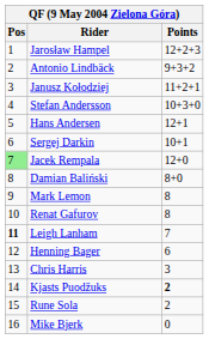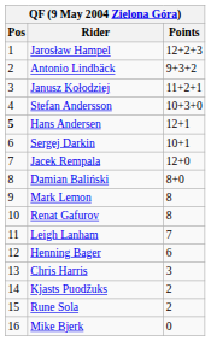 <table class="wikitable">
 <tr>
 <th colspan="6">QF (9 May 2004  <a href='#'>Zielona Góra</a>)</th>
 </tr>
 <tr>
 <th width=20>Pos</th>
 <th width=180>Rider</th>
 <th width=40>Points</th>
 </tr>
 <tr>
 <td>1</td>
 <td style="text-align:left;"> <a href='#'>Jarosław Hampel</a></td>
 <td>12+2+3</td>
 </tr>
 <tr>
 <td>2</td>
 <td style="text-align:left;"> <a href='#'>Antonio Lindbäck</a></td>
 <td>9+3+2</td>
 </tr>
 <tr>
 <td>3</td>
 <td style="text-align:left;"> <a href='#'>Janusz Kołodziej</a></td>
 <td>11+2+1</td>
 </tr>
 <tr>
 <td>4</td>
 <td style="text-align:left;"> <a href='#'>Stefan Andersson</a></td>
 <td>10+3+0</td>
 </tr>
 <tr>
-<td>5</td>
+<td><strong>5</strong></td>
 <td style="text-align:left;"> <a href='#'>Hans Andersen</a></td>
 <td>12+1</td>
 </tr>
 <tr>
 <td>6</td>
 <td style="text-align:left;"> <a href='#'>Sergej Darkin</a></td>
 <td>10+1</td>
 </tr>
 <tr>
-<td style="background: lightgreen;">7</td>
+<td>7</td>
 <td style="text-align:left;"> <a href='#'>Jacek Rempala</a></td>
 <td>12+0</td>
 </tr>
 <tr>
 <td>8</td>
 <td style="text-align:left;"> <a href='#'>Damian Baliński</a></td>
 <td>8+0</td>
 </tr>
 <tr>
 <td>9</td>
 <td style="text-align:left;"> <a href='#'>Mark Lemon</a></td>
 <td>8</td>
 </tr>
 <tr>
 <td>10</td>
 <td style="text-align:left;"> <a href='#'>Renat Gafurov</a></td>
 <td>8</td>
 </tr>
 <tr>
-<td><strong>11</strong></td>
+<td>11</td>
 <td style="text-align:left;"> <a href='#'>Leigh Lanham</a></td>
 <td>7</td>
 </tr>
 <tr>
 <td>12</td>
 <td style="text-align:left;"> <a href='#'>Henning Bager</a></td>
 <td>6</td>
 </tr>
 <tr>
 <td>13</td>
 <td style="text-align:left;"> <a href='#'>Chris Harris</a></td>
 <td>3</td>
 </tr>
 <tr>
 <td>14</td>
 <td style="text-align:left;"> <a href='#'>Kjasts Puodžuks</a></td>
-<td><strong>2</strong></td>
+<td>2</td>
 </tr>
 <tr>
 <td>15</td>
 <td style="text-align:left;"> <a href='#'>Rune Sola</a></td>
 <td>2</td>
 </tr>
 <tr>
 <td>16</td>
 <td style="text-align:left;"> <a href='#'>Mike Bjerk</a></td>
 <td>0</td>
 </tr>
 </table>
